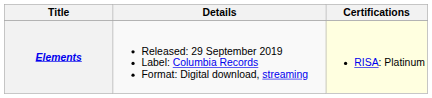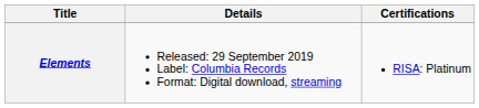 <table class="wikitable plainrowheaders" id="epstable" style="text-align:center;">
 <tr>
 <th scope="col" style="width:10em;">Title</th>
 <th scope="col" style="width:20em;">Details</th>
 <th>Certifications</th>
 </tr>
 <tr>
 </tr>
 <tr>
 <th scope="row"><em><a href='#'>Elements</a></em></th>
 <td style="text-align:left;"><br><ul><li>Released: 29 September 2019</li><li>Label: <a href='#'>Columbia Records</a></li><li>Format: Digital download, <a href='#'>streaming</a></li></ul></td>
-<td style="background: lightyellow;"><br><ul><li><a href='#'>RISA</a>: Platinum</li></ul></td>
+<td><br><ul><li><a href='#'>RISA</a>: Platinum</li></ul></td>
 </tr>
 </table>
